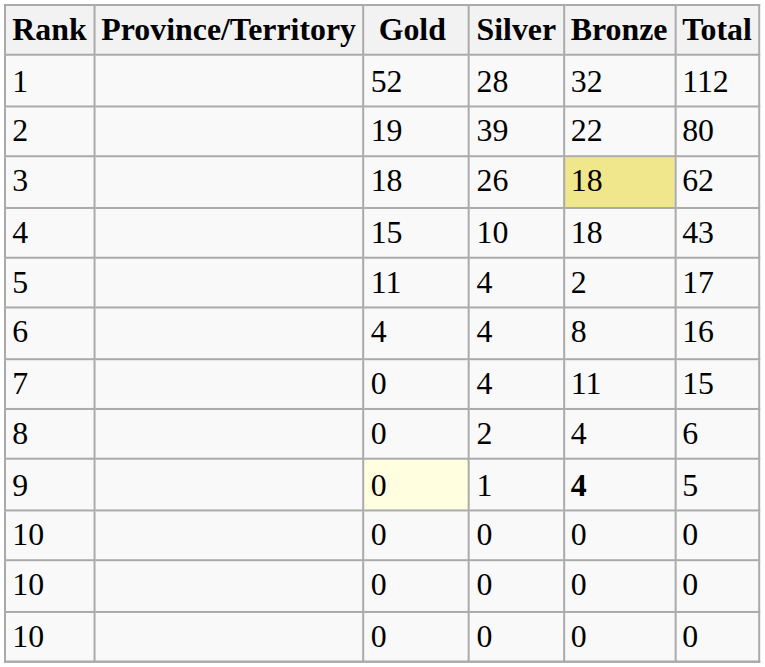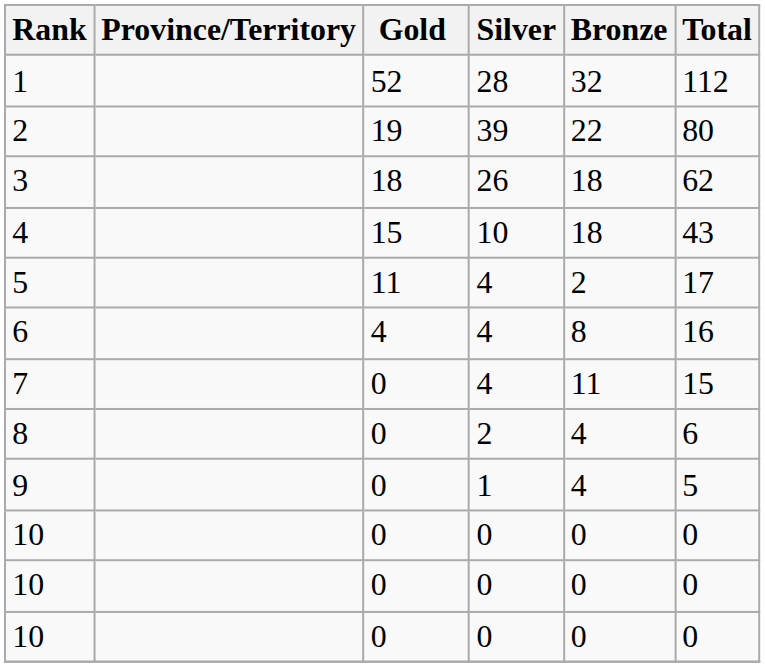 <table class="wikitable">
 <tr>
 <th><strong>Rank</strong></th>
 <th><strong>Province/Territory</strong></th>
 <th bgcolor="gold"><strong> Gold  </strong></th>
 <th bgcolor="silver"><strong>Silver</strong></th>
 <th bgcolor="CC9966"><strong>Bronze</strong></th>
 <th><strong>Total</strong></th>
 </tr>
 <tr>
 <td>1</td>
 <td><strong></strong></td>
 <td>52</td>
 <td>28</td>
 <td>32</td>
 <td>112</td>
 </tr>
 <tr>
 <td>2</td>
 <td></td>
 <td>19</td>
 <td>39</td>
 <td>22</td>
 <td>80</td>
 </tr>
 <tr>
 <td>3</td>
 <td></td>
 <td>18</td>
 <td>26</td>
-<td style="background: khaki;">18</td>
+<td>18</td>
 <td>62</td>
 </tr>
 <tr>
 <td>4</td>
 <td></td>
 <td>15</td>
 <td>10</td>
 <td>18</td>
 <td>43</td>
 </tr>
 <tr>
 <td>5</td>
 <td></td>
 <td>11</td>
 <td>4</td>
 <td>2</td>
 <td>17</td>
 </tr>
 <tr>
 <td>6</td>
 <td></td>
 <td>4</td>
 <td>4</td>
 <td>8</td>
 <td>16</td>
 </tr>
 <tr>
 <td>7</td>
 <td></td>
 <td>0</td>
 <td>4</td>
 <td>11</td>
 <td>15</td>
 </tr>
 <tr>
 <td>8</td>
 <td></td>
 <td>0</td>
 <td>2</td>
 <td>4</td>
 <td>6</td>
 </tr>
 <tr>
 <td>9</td>
 <td></td>
-<td style="background: lightyellow;">0</td>
+<td>0</td>
 <td>1</td>
-<td><strong>4</strong></td>
+<td>4</td>
 <td>5</td>
 </tr>
 <tr>
 <td>10</td>
 <td></td>
 <td>0</td>
 <td>0</td>
 <td>0</td>
 <td>0</td>
 </tr>
 <tr>
 <td>10</td>
 <td></td>
 <td>0</td>
 <td>0</td>
 <td>0</td>
 <td>0</td>
 </tr>
 <tr>
 <td>10</td>
 <td></td>
 <td>0</td>
 <td>0</td>
 <td>0</td>
 <td>0</td>
 </tr>
 <tr>
 </tr>
 </table>
